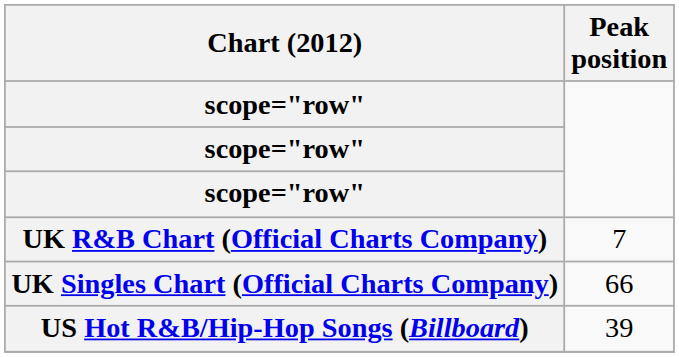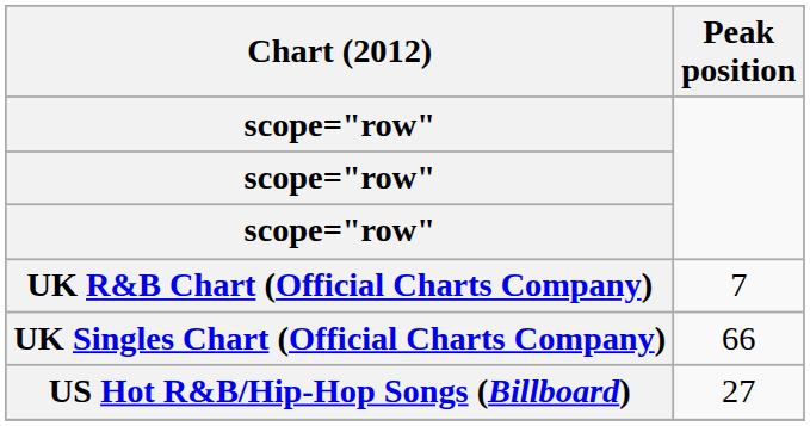 <table class="wikitable sortable plainrowheaders">
 <tr>
 <th>Chart (2012)</th>
 <th>Peak<br>position</th>
 </tr>
 <tr>
 <th>scope="row" </th>
 </tr>
 <tr>
 <th>scope="row" </th>
 </tr>
 <tr>
 <th>scope="row" </th>
 </tr>
 <tr>
 <th scope="row">UK <a href='#'>R&B Chart</a> (<a href='#'>Official Charts Company</a>)</th>
 <td style="text-align:center;">7</td>
 </tr>
 <tr>
 <th scope="row">UK <a href='#'>Singles Chart</a> (<a href='#'>Official Charts Company</a>)</th>
 <td style="text-align:center;">66</td>
 </tr>
 <tr>
 <th scope="row">US  <a href='#'>Hot R&B/Hip-Hop Songs</a> (<em><a href='#'>Billboard</a></em>)</th>
-<td style="text-align:center;">39</td>
+<td style="text-align:center;">27</td>
 </tr>
 <tr>
 </tr>
 </table>
